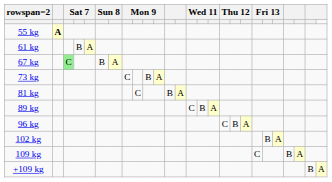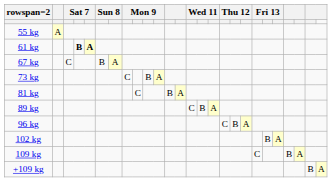 <table class="wikitable" style="text-align:center; font-size:95%">
 <tr>
 <th>rowspan=2 </th>
 <th></th>
 <th colspan=3>Sat 7</th>
 <th colspan=2>Sun 8</th>
 <th colspan=4>Mon 9</th>
 <th colspan=2></th>
 <th colspan=3>Wed 11</th>
 <th colspan=3>Thu 12</th>
 <th colspan=3>Fri 13</th>
 <th colspan=2></th>
 <th colspan=2></th>
 </tr>
 <tr>
 <th></th>
 <th></th>
 <th></th>
 <th></th>
 <th></th>
 <th></th>
 <th></th>
 <th></th>
 <th></th>
 <th></th>
 <th></th>
 <th></th>
 <th></th>
 <th></th>
 <th></th>
 <th></th>
 <th></th>
 <th></th>
 <th></th>
 <th></th>
 <th></th>
 <th></th>
 <th></th>
 <th></th>
 <th></th>
 </tr>
 <tr>
 <td><a href='#'>55 kg</a></td>
-<td style="background-color:#ffffcc;"><strong>A</strong></td>
+<td style="background-color:#ffffcc;">A</td>
 <td colspan=3></td>
 <td colspan=2></td>
 <td colspan=4></td>
 <td colspan=2></td>
 <td colspan=3></td>
 <td colspan=3></td>
 <td colspan=3></td>
 <td colspan=2></td>
 <td colspan=2></td>
 </tr>
 <tr>
 <td><a href='#'>61 kg</a></td>
 <td></td>
 <td></td>
-<td>B</td>
-<td style="background-color:#ffffcc;">A</td>
+<td><strong>B</strong></td>
+<td style="background-color:#ffffcc;"><strong>A</strong></td>
 <td colspan=2></td>
 <td colspan=4></td>
 <td colspan=2></td>
 <td colspan=3></td>
 <td colspan=3></td>
 <td colspan=3></td>
 <td colspan=2></td>
 <td colspan=2></td>
 </tr>
 <tr>
 <td><a href='#'>67 kg</a></td>
 <td></td>
-<td style="background: lightgreen;">C</td>
+<td>C</td>
 <td colspan=2></td>
 <td>B</td>
 <td style="background-color:#ffffcc;">A</td>
 <td colspan=4></td>
 <td colspan=2></td>
 <td colspan=3></td>
 <td colspan=3></td>
 <td colspan=3></td>
 <td colspan=2></td>
 <td colspan=2></td>
 </tr>
 <tr>
 <td><a href='#'>73 kg</a></td>
 <td></td>
 <td colspan=3></td>
 <td colspan=2></td>
 <td>C</td>
 <td></td>
 <td>B</td>
 <td style="background-color:#ffffcc;">A</td>
 <td colspan=2></td>
 <td colspan=3></td>
 <td colspan=3></td>
 <td colspan=3></td>
 <td colspan=2></td>
 <td colspan=2></td>
 </tr>
 <tr>
 <td><a href='#'>81 kg</a></td>
 <td></td>
 <td colspan=3></td>
 <td colspan=2></td>
 <td></td>
 <td>C</td>
 <td colspan=2></td>
 <td>B</td>
 <td style="background-color:#ffffcc;">A</td>
 <td colspan=3></td>
 <td colspan=3></td>
 <td colspan=3></td>
 <td colspan=2></td>
 <td colspan=2></td>
 </tr>
 <tr>
 <td><a href='#'>89 kg</a></td>
 <td></td>
 <td colspan=3></td>
 <td colspan=2></td>
 <td colspan=4></td>
 <td colspan=2></td>
 <td>C</td>
 <td>B</td>
 <td style="background-color:#ffffcc;">A</td>
 <td colspan=3></td>
 <td colspan=3></td>
 <td colspan=2></td>
 <td colspan=2></td>
 </tr>
 <tr>
 <td><a href='#'>96 kg</a></td>
 <td></td>
 <td colspan=3></td>
 <td colspan=2></td>
 <td colspan=4></td>
 <td colspan=2></td>
 <td colspan=3></td>
 <td>C</td>
 <td>B</td>
 <td style="background-color:#ffffcc;">A</td>
 <td colspan=3></td>
 <td colspan=2></td>
 <td colspan=2></td>
 </tr>
 <tr>
 <td><a href='#'>102 kg</a></td>
 <td></td>
 <td colspan=3></td>
 <td colspan=2></td>
 <td colspan=4></td>
 <td colspan=2></td>
 <td colspan=3></td>
 <td colspan=3></td>
 <td></td>
 <td>B</td>
 <td style="background-color:#ffffcc;">A</td>
 <td colspan=2></td>
 <td colspan=2></td>
 </tr>
 <tr>
 <td><a href='#'>109 kg</a></td>
 <td></td>
 <td colspan=3></td>
 <td colspan=2></td>
 <td colspan=4></td>
 <td colspan=2></td>
 <td colspan=3></td>
 <td colspan=3></td>
 <td>C</td>
 <td colspan=2></td>
 <td>B</td>
 <td style="background-color:#ffffcc;">A</td>
 <td colspan=2></td>
 </tr>
 <tr>
 <td><a href='#'>+109 kg</a></td>
 <td></td>
 <td colspan=3></td>
 <td colspan=2></td>
 <td colspan=4></td>
 <td colspan=2></td>
 <td colspan=3></td>
 <td colspan=3></td>
 <td colspan=3></td>
 <td colspan=2></td>
 <td>B</td>
 <td style="background-color:#ffffcc;">A</td>
 </tr>
 </table>
